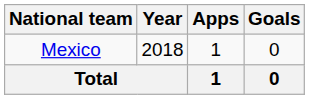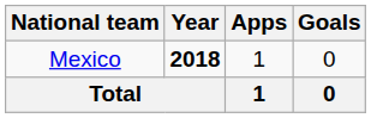 <table class="wikitable" style="text-align:center">
 <tr>
 <th>National team</th>
 <th>Year</th>
 <th>Apps</th>
 <th>Goals</th>
 </tr>
 <tr>
 <td rowspan="1"><a href='#'>Mexico</a></td>
-<td>2018</td>
+<td><strong>2018</strong></td>
 <td>1</td>
 <td>0</td>
 </tr>
 <tr>
 <th colspan="2">Total</th>
 <th>1</th>
 <th>0</th>
 </tr>
 </table>
